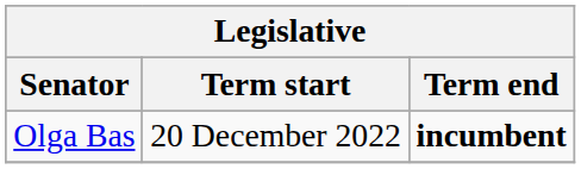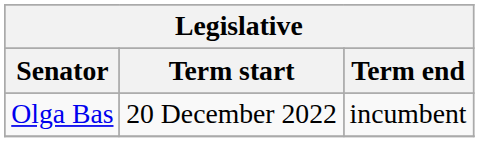 <table class="wikitable sortable">
 <tr>
 <th colspan=3>Legislative</th>
 </tr>
 <tr>
 <th>Senator</th>
 <th>Term start</th>
 <th>Term end</th>
 </tr>
 <tr>
 <td><a href='#'>Olga Bas</a></td>
 <td>20 December 2022</td>
-<td><strong>incumbent</strong></td>
+<td>incumbent</td>
 </tr>
 <tr>
 </tr>
 </table>
